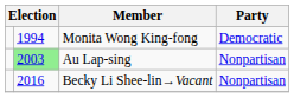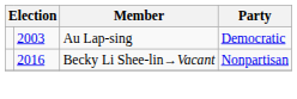 <table class="wikitable">
 <tr>
 <th colspan="2">Election</th>
 <th>Member</th>
 <th>Party</th>
 </tr>
 <tr>
 <td style="background-color: "></td>
-<td><a href='#'>1994</a></td>
-<td>Monita Wong King-fong</td>
+<td><a href='#'>2003</a></td>
+<td>Au Lap-sing</td>
 <td><a href='#'>Democratic</a></td>
-</tr>
-<tr>
-<td style="background-color: "></td>
-<td style="background: lightgreen;"><a href='#'>2003</a></td>
-<td>Au Lap-sing</td>
-<td><a href='#'>Nonpartisan</a></td>
 </tr>
 <tr>
 <td style="background-color: "></td>
 <td><a href='#'>2016</a></td>
 <td>Becky Li Shee-lin→<em>Vacant</em></td>
 <td><a href='#'>Nonpartisan</a></td>
 </tr>
 <tr>
 </tr>
 </table>
